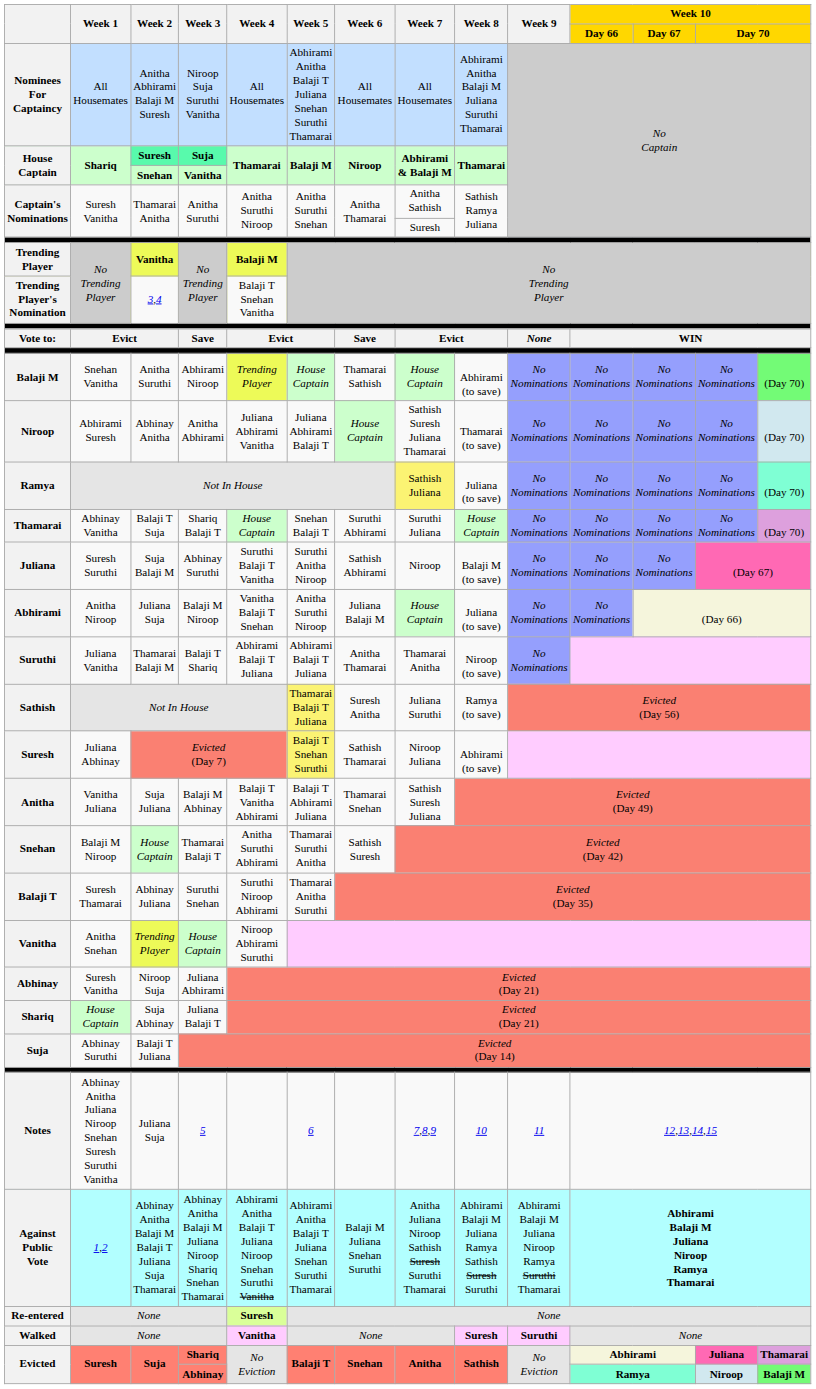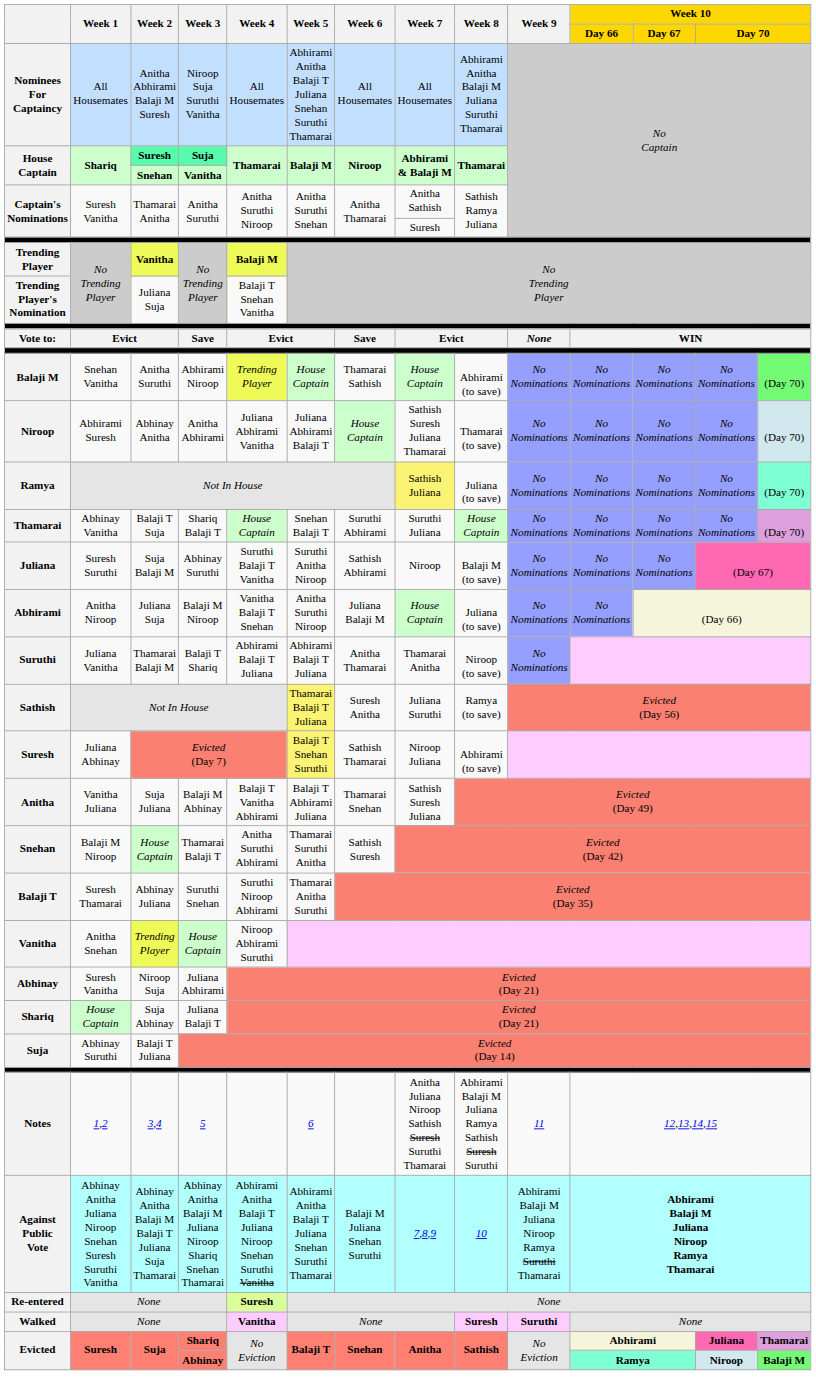 <table class="wikitable" style="text-align:center; width:50%; font-size:75%; line-height:15px;">
 <tr>
 <th rowspan="2" style="width: 0.1%;"></th>
 <th rowspan="2" style="width: 0.1%;">Week 1</th>
 <th rowspan="2" style="width: 0.1%;">Week 2</th>
 <th rowspan="2" style="width: 0.1%;">Week 3</th>
 <th rowspan="2" style="width: 0.1%;">Week 4</th>
 <th rowspan="2" style="width: 0.1%;">Week 5</th>
 <th rowspan="2" style="width: 0.1%;">Week 6</th>
 <th rowspan="2" style="width: 0.1%;">Week 7</th>
 <th rowspan="2" style="width: 0.1%;">Week 8</th>
 <th rowspan="2" style="width: 0.1%;">Week 9</th>
 <th colspan="4" style="background:#FFD700;width: 0.1%">Week 10</th>
 </tr>
 <tr>
 <th colspan="1" style="background:#FFD700">Day 66</th>
 <th style="background:#FFD700">Day 67</th>
 <th colspan="2" style="background:#FFD700">Day 70</th>
 </tr>
 <tr style="background:#C2DFFF;" |>
 <th>Nominees<br>For<br>Captaincy</th>
 <td>All Housemates</td>
 <td>Anitha<br>Abhirami<br>Balaji M<br>Suresh</td>
 <td>Niroop<br>Suja<br>Suruthi<br>Vanitha</td>
 <td>All Housemates</td>
 <td>Abhirami<br>Anitha<br>Balaji T<br>Juliana<br>Snehan<br>Suruthi<br>Thamarai</td>
 <td>All Housemates</td>
 <td>All Housemates</td>
 <td>Abhirami<br>Anitha<br>Balaji M<br>Juliana<br>Suruthi<br>Thamarai</td>
 <td colspan="5" rowspan="5" style="background:#ccc;"><em>No<br>Captain</em></td>
 </tr>
 <tr style="background:#cfc;">
 <th rowspan="2"><strong>House<br>Captain</strong></th>
 <td rowspan="2"><strong>Shariq</strong></td>
 <td colspan="1" style="background:#58FAAC;"><strong>Suresh</strong></td>
 <td colspan="1" style="background:#58FAAC;"><strong>Suja</strong></td>
 <td rowspan="2"><strong>Thamarai</strong></td>
 <td rowspan="2"><strong>Balaji M</strong></td>
 <td rowspan="2"><strong>Niroop</strong></td>
 <td rowspan="2"><strong>Abhirami & Balaji M</strong></td>
 <td rowspan="2"><strong>Thamarai</strong></td>
 </tr>
 <tr>
 <td colspan="1" style="background:#cfc;"><strong>Snehan</strong></td>
 <td colspan="1" style="background:#cfc;"><strong>Vanitha</strong></td>
 </tr>
 <tr>
 <th rowspan="2">Captain's<br>Nominations</th>
 <td rowspan="2">Suresh<br>Vanitha</td>
 <td rowspan="2">Thamarai<br>Anitha</td>
 <td rowspan="2">Anitha<br>Suruthi</td>
 <td rowspan="2">Anitha<br>Suruthi<br>Niroop</td>
 <td rowspan="2">Anitha<br>Suruthi<br>Snehan</td>
 <td rowspan="2">Anitha<br>Thamarai</td>
 <td>Anitha<br>Sathish</td>
 <td rowspan="2">Sathish<br>Ramya<br>Juliana</td>
 </tr>
 <tr>
 <td>Suresh<br></td>
 </tr>
 <tr>
 <td colspan="14" bgcolor="black"></td>
 </tr>
 <tr style="background:#edfa58;">
 <th>Trending<br>Player</th>
 <td rowspan="2" style="background:#ccc"><em>No<br>Trending<br>Player</em></td>
 <td><strong>Vanitha</strong></td>
 <td rowspan="2" style="background:#ccc"><em>No<br>Trending<br>Player</em></td>
 <td><strong>Balaji M</strong></td>
 <td colspan="9" rowspan="2" style="background:#ccc"><em>No<br>Trending<br>Player</em></td>
 </tr>
 <tr>
 <th>Trending<br>Player's<br>Nomination</th>
-<td><em><a href='#'>3</a></em>,<em><a href='#'>4</a></em></td>
+<td>Juliana<br>Suja</td>
 <td>Balaji T<br>Snehan<br>Vanitha</td>
 </tr>
 <tr>
 <td colspan="14" bgcolor="black"></td>
 </tr>
 <tr>
 <th>Vote to:</th>
 <th colspan="2">Evict</th>
 <th>Save</th>
 <th colspan="2">Evict</th>
 <th>Save</th>
 <th colspan="2">Evict</th>
 <th><em>None</em></th>
 <th colspan="4">WIN</th>
 </tr>
 <tr>
 <td colspan="14" bgcolor="black"></td>
 </tr>
 <tr>
 <th>Balaji M</th>
 <td>Snehan<br>Vanitha</td>
 <td>Anitha<br>Suruthi</td>
 <td>Abhirami<br>Niroop</td>
 <td style="background:#edfa58;"><em>Trending Player</em></td>
 <td style="background:#cfc;"><em>House Captain</em></td>
 <td>Thamarai<br>Sathish</td>
 <td style="background:#cfc;"><em>House Captain</em></td>
 <td><br>Abhirami<br>(to save)</td>
 <td style="background:#959FFD;"><em>No<br>Nominations</em></td>
 <td style="background:#959FFD;"><em>No<br>Nominations</em></td>
 <td style="background:#959FFD;"><em>No<br>Nominations</em></td>
 <td style="background:#959FFD;"><em>No<br>Nominations</em></td>
 <td style="background:#73FB76;"><br>(Day 70)</td>
 </tr>
 <tr>
 <th>Niroop</th>
 <td>Abhirami<br>Suresh</td>
 <td>Abhinay<br>Anitha</td>
 <td>Anitha<br>Abhirami</td>
 <td>Juliana<br>Abhirami<br>Vanitha</td>
 <td>Juliana<br>Abhirami<br>Balaji T</td>
 <td style="background:#cfc;"><em>House Captain</em></td>
 <td>Sathish<br>Suresh<br>Juliana<br>Thamarai</td>
 <td><br>Thamarai<br>(to save)</td>
 <td style="background:#959FFD;"><em>No<br>Nominations</em></td>
 <td style="background:#959FFD;"><em>No<br>Nominations</em></td>
 <td style="background:#959FFD;"><em>No<br>Nominations</em></td>
 <td style="background:#959FFD;"><em>No<br>Nominations</em></td>
 <td style="background:#D1E8EF;"><br>(Day 70)</td>
 </tr>
 <tr>
 <th>Ramya</th>
 <td colspan="6" style="background:#E5E5E5;"><em>Not In House</em></td>
 <td style="background:#FBF373;">Sathish<br>Juliana</td>
 <td><br>Juliana<br>(to save)</td>
 <td style="background:#959FFD;"><em>No<br>Nominations</em></td>
 <td style="background:#959FFD;"><em>No<br>Nominations</em></td>
 <td style="background:#959FFD;"><em>No<br>Nominations</em></td>
 <td style="background:#959FFD;"><em>No<br>Nominations</em></td>
 <td style="background:#7FFFD4;"><br>(Day 70)</td>
 </tr>
 <tr>
 <th>Thamarai</th>
 <td>Abhinay<br>Vanitha</td>
 <td>Balaji T<br>Suja</td>
 <td>Shariq<br>Balaji T</td>
 <td style="background:#cfc;"><em>House Captain</em></td>
 <td>Snehan<br>Balaji T</td>
 <td>Suruthi<br>Abhirami</td>
 <td>Suruthi<br>Juliana</td>
 <td style="background:#cfc;"><em>House Captain</em></td>
 <td style="background:#959FFD;"><em>No<br>Nominations</em></td>
 <td style="background:#959FFD;"><em>No<br>Nominations</em></td>
 <td style="background:#959FFD;"><em>No<br>Nominations</em></td>
 <td style="background:#959FFD;"><em>No<br>Nominations</em></td>
 <td style="background:#DDA0DD;"><br>(Day 70)</td>
 </tr>
 <tr>
 <th>Juliana</th>
 <td>Suresh<br>Suruthi</td>
 <td>Suja<br>Balaji M</td>
 <td>Abhinay<br>Suruthi</td>
 <td>Suruthi<br>Balaji T<br>Vanitha</td>
 <td>Suruthi<br>Anitha<br>Niroop</td>
 <td>Sathish<br>Abhirami</td>
 <td>Niroop</td>
 <td><br>Balaji M<br>(to save)</td>
 <td style="background:#959FFD;"><em>No<br>Nominations</em></td>
 <td style="background:#959FFD;"><em>No<br>Nominations</em></td>
 <td style="background:#959FFD;"><em>No<br>Nominations</em></td>
 <td colspan="2" style="background: #FF69B4;"><br>(Day 67)</td>
 </tr>
 <tr>
 <th>Abhirami</th>
 <td>Anitha<br>Niroop</td>
 <td>Juliana<br>Suja</td>
 <td>Balaji M<br>Niroop</td>
 <td>Vanitha<br>Balaji T<br>Snehan</td>
 <td>Anitha<br>Suruthi<br>Niroop</td>
 <td>Juliana<br>Balaji M</td>
 <td style="background:#cfc;"><em>House Captain</em></td>
 <td><br>Juliana<br>(to save)</td>
 <td style="background:#959FFD;"><em>No<br>Nominations</em></td>
 <td style="background:#959FFD;"><em>No<br>Nominations</em></td>
 <td colspan="3" style="background:beige;"><br>(Day 66)</td>
 </tr>
 <tr>
 <th>Suruthi</th>
 <td>Juliana<br>Vanitha</td>
 <td>Thamarai<br>Balaji M</td>
 <td>Balaji T<br>Shariq</td>
 <td>Abhirami<br>Balaji T<br>Juliana</td>
 <td>Abhirami<br>Balaji T<br>Juliana</td>
 <td>Anitha<br>Thamarai</td>
 <td>Thamarai<br>Anitha</td>
 <td><br>Niroop<br>(to save)</td>
 <td style="background:#959FFD;"><em>No<br>Nominations</em></td>
 <td colspan="4" style="background:#fcf"></td>
 </tr>
 <tr>
 <th>Sathish</th>
 <td colspan="4" style="background:#E5E5E5;"><em>Not In House</em></td>
 <td style="background:#FBF373;">Thamarai<br>Balaji T<br>Juliana</td>
 <td>Suresh<br>Anitha</td>
 <td>Juliana<br>Suruthi</td>
 <td>Ramya<br>(to save)</td>
 <td colspan="5" style="background:salmon"><em>Evicted</em><br>(Day 56)</td>
 </tr>
 <tr>
 <th>Suresh</th>
 <td>Juliana<br>Abhinay</td>
 <td colspan="3" style="background:salmon"><em>Evicted</em><br>(Day 7)</td>
 <td style="background:#FBF373;">Balaji T<br>Snehan<br>Suruthi</td>
 <td>Sathish<br>Thamarai</td>
 <td>Niroop<br>Juliana</td>
 <td><br>Abhirami<br>(to save)</td>
 <td colspan="5" style="background:#fcf"></td>
 </tr>
 <tr>
 <th>Anitha</th>
 <td>Vanitha<br>Juliana</td>
 <td>Suja<br>Juliana</td>
 <td>Balaji M<br>Abhinay</td>
 <td>Balaji T<br>Vanitha<br>Abhirami</td>
 <td>Balaji T<br>Abhirami<br>Juliana</td>
 <td>Thamarai<br>Snehan</td>
 <td>Sathish<br>Suresh<br>Juliana</td>
 <td colspan="6" style="background:salmon"><em>Evicted</em><br>(Day 49)</td>
 </tr>
 <tr>
 <th>Snehan</th>
 <td>Balaji M<br>Niroop</td>
 <td style="background:#cfc;"><em>House Captain</em></td>
 <td>Thamarai<br>Balaji T</td>
 <td>Anitha<br>Suruthi<br>Abhirami</td>
 <td>Thamarai<br>Suruthi<br>Anitha</td>
 <td>Sathish<br>Suresh</td>
 <td colspan="7" style="background:salmon"><em>Evicted</em><br>(Day 42)</td>
 </tr>
 <tr>
 <th>Balaji T</th>
 <td>Suresh<br>Thamarai</td>
 <td>Abhinay<br>Juliana</td>
 <td>Suruthi<br>Snehan</td>
 <td>Suruthi<br>Niroop<br>Abhirami</td>
 <td>Thamarai<br>Anitha<br>Suruthi</td>
 <td colspan="8" style="background:salmon"><em>Evicted</em><br>(Day 35)</td>
 </tr>
 <tr>
 <th>Vanitha</th>
 <td>Anitha<br>Snehan</td>
 <td style="background:#edfa58;"><em>Trending Player</em></td>
 <td style="background:#cfc;"><em>House Captain</em></td>
 <td>Niroop<br>Abhirami<br>Suruthi</td>
 <td colspan="9" style="background:#fcf"></td>
 </tr>
 <tr>
 <th>Abhinay</th>
 <td>Suresh<br>Vanitha</td>
 <td>Niroop<br>Suja</td>
 <td>Juliana<br>Abhirami</td>
 <td colspan="10" style="background:salmon"><em>Evicted</em><br>(Day 21)</td>
 </tr>
 <tr>
 <th>Shariq</th>
 <td style="background:#cfc;"><em>House<br>Captain</em></td>
 <td>Suja<br>Abhinay</td>
 <td>Juliana<br>Balaji T</td>
 <td colspan="10" style="background:salmon"><em>Evicted</em><br>(Day 21)</td>
 </tr>
 <tr>
 <th>Suja</th>
 <td>Abhinay<br>Suruthi</td>
 <td>Balaji T<br>Juliana</td>
 <td colspan="11" style="background:salmon"><em>Evicted</em><br>(Day 14)</td>
 </tr>
 <tr>
 <td colspan="14" bgcolor="black"></td>
 </tr>
 <tr>
 <th>Notes</th>
-<td>Abhinay<br>Anitha<br>Juliana<br>Niroop<br>Snehan<br>Suresh<br>Suruthi<br>Vanitha</td>
-<td>Juliana<br>Suja</td>
+<td><em><a href='#'>1</a></em>,<em><a href='#'>2</a></em></td>
+<td><em><a href='#'>3</a></em>,<em><a href='#'>4</a></em></td>
 <td><em><a href='#'>5</a></em></td>
 <td></td>
 <td><em><a href='#'>6</a></em></td>
 <td></td>
-<td><em><a href='#'>7</a></em>,<em><a href='#'>8</a></em>,<em><a href='#'>9</a></em></td>
-<td><em><a href='#'>10</a></em></td>
+<td>Anitha<br>Juliana<br>Niroop<br>Sathish<br><s>Suresh</s><br>Suruthi<br>Thamarai</td>
+<td>Abhirami<br>Balaji M<br>Juliana<br>Ramya<br>Sathish<br><s>Suresh</s><br>Suruthi</td>
 <td><em><a href='#'>11</a></em></td>
 <td colspan="4"><em><a href='#'>12</a></em>,<em><a href='#'>13</a></em>,<em><a href='#'>14</a></em>,<em><a href='#'>15</a></em></td>
 </tr>
 <tr style="background:#B2FFFF" |>
 <th>Against<br>Public<br>Vote</th>
-<td><em><a href='#'>1</a></em>,<em><a href='#'>2</a></em></td>
+<td>Abhinay<br>Anitha<br>Juliana<br>Niroop<br>Snehan<br>Suresh<br>Suruthi<br>Vanitha</td>
 <td>Abhinay<br>Anitha<br>Balaji M<br>Balaji T<br>Juliana<br>Suja<br>Thamarai</td>
 <td>Abhinay<br>Anitha<br>Balaji M<br>Juliana<br>Niroop<br>Shariq<br>Snehan<br>Thamarai</td>
 <td>Abhirami<br>Anitha<br>Balaji T<br>Juliana<br>Niroop<br>Snehan<br>Suruthi<br><s>Vanitha</s></td>
 <td>Abhirami<br>Anitha<br>Balaji T<br>Juliana<br>Snehan<br>Suruthi<br>Thamarai</td>
 <td>Balaji M<br>Juliana<br>Snehan<br>Suruthi</td>
-<td>Anitha<br>Juliana<br>Niroop<br>Sathish<br><s>Suresh</s><br>Suruthi<br>Thamarai</td>
-<td>Abhirami<br>Balaji M<br>Juliana<br>Ramya<br>Sathish<br><s>Suresh</s><br>Suruthi</td>
+<td><em><a href='#'>7</a></em>,<em><a href='#'>8</a></em>,<em><a href='#'>9</a></em></td>
+<td><em><a href='#'>10</a></em></td>
 <td>Abhirami<br>Balaji M<br>Juliana<br>Niroop<br>Ramya<br><s>Suruthi</s><br>Thamarai</td>
 <td colspan="4"><strong>Abhirami<br>Balaji M<br>Juliana<br>Niroop<br>Ramya<br>Thamarai</strong></td>
 </tr>
 <tr>
 <th>Re-entered</th>
 <td colspan="3" style="background:#E5E5E5;"><em>None</em></td>
 <td style="background:#DAFF99"><strong>Suresh</strong></td>
 <td colspan="9" style="background:#E5E5E5;"><em>None</em></td>
 </tr>
 <tr>
 <th>Walked</th>
 <td colspan="3" style="background:#E5E5E5;"><em>None</em></td>
 <td style="background:#fcf"><strong>Vanitha</strong></td>
 <td colspan="3" style="background:#E5E5E5;"><em>None</em></td>
 <td style="background:#fcf"><strong>Suresh</strong></td>
 <td style="background:#fcf"><strong>Suruthi</strong></td>
 <td colspan="4" style="background:#E5E5E5;"><em>None</em></td>
 </tr>
 <tr>
 <th rowspan="2">Evicted</th>
 <td rowspan="2" style="background:#FF8072;"><strong>Suresh</strong></td>
 <td rowspan="2" style="background:#FF8072;"><strong>Suja</strong></td>
 <td style="background:#FF8072;"><strong>Shariq</strong></td>
 <td rowspan="2" style="background:#E5E5E5;"><em>No<br>Eviction</em></td>
 <td rowspan="2" style="background:#FF8072;"><strong>Balaji T</strong></td>
 <td rowspan="2" style="background:#FF8072;"><strong>Snehan</strong></td>
 <td rowspan="2" style="background:#FF8072;"><strong>Anitha</strong></td>
 <td rowspan="2" style="background:#FF8072;"><strong>Sathish</strong></td>
 <td rowspan="2" style="background:#E5E5E5;"><em>No<br>Eviction</em></td>
 <td colspan="2" style="background:#F5F5DC; text-align:center;"><strong>Abhirami</strong></td>
 <td style="background:#FF69B4; text-align:center;"><strong>Juliana</strong></td>
 <td style="background:#DDA0DD; text-align:center;"><strong>Thamarai</strong></td>
 </tr>
 <tr>
 <td style="background:#FF8072;"><strong>Abhinay</strong></td>
 <td colspan="2" style="background:#7FFFD4; text-align:center;"><strong>Ramya</strong></td>
 <td style="background:#D1E8EF; text-align:center;"><strong>Niroop</strong></td>
 <td style="background:#73FB76; text-align:center;"><strong>Balaji M</strong></td>
 </tr>
 </table>
